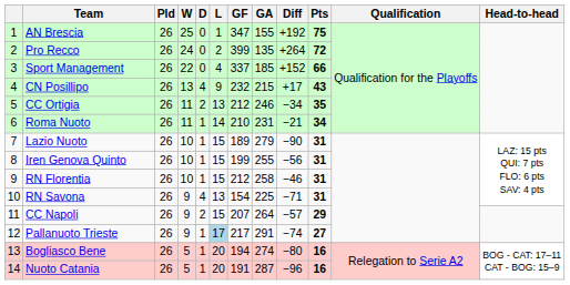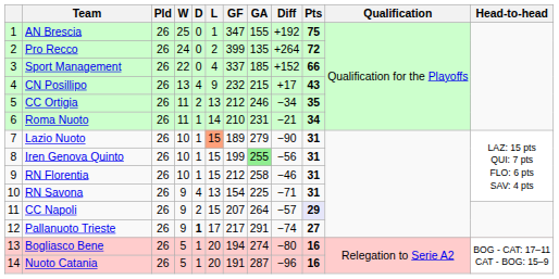 <table class="wikitable sortable" style="text-align:center">
 <tr>
 <th></th>
 <th width="175">Team</th>
 <th>Pld</th>
 <th>W</th>
 <th>D</th>
 <th>L</th>
 <th>GF</th>
 <th>GA</th>
 <th>Diff</th>
 <th>Pts</th>
 <th>Qualification</th>
 <th>Head-to-head</th>
 </tr>
 <tr style="background: #CCFFCC;">
 <td>1</td>
 <td align=left><a href='#'>AN Brescia</a></td>
 <td>26</td>
 <td>25</td>
 <td>0</td>
 <td>1</td>
 <td>347</td>
 <td>155</td>
 <td>+192</td>
 <td><strong>75</strong></td>
 <td rowspan="6">Qualification for the <a href='#'>Playoffs</a></td>
 </tr>
 <tr style="background: #CCFFCC;">
 <td>2</td>
 <td align=left><a href='#'>Pro Recco</a></td>
 <td>26</td>
 <td>24</td>
 <td>0</td>
 <td>2</td>
 <td>399</td>
 <td>135</td>
 <td>+264</td>
 <td><strong>72</strong></td>
 </tr>
 <tr style="background: #CCFFCC;">
 <td>3</td>
 <td align=left><a href='#'>Sport Management</a></td>
 <td>26</td>
 <td>22</td>
 <td>0</td>
 <td>4</td>
 <td>337</td>
 <td>185</td>
 <td>+152</td>
 <td><strong>66</strong></td>
 </tr>
 <tr style="background: #CCFFCC;">
 <td>4</td>
 <td align=left><a href='#'>CN Posillipo</a></td>
 <td>26</td>
 <td>13</td>
 <td>4</td>
 <td>9</td>
 <td>232</td>
 <td>215</td>
 <td>+17</td>
 <td><strong>43</strong></td>
 </tr>
 <tr style="background: #CCFFCC;">
 <td>5</td>
 <td align=left><a href='#'>CC Ortigia</a></td>
 <td>26</td>
 <td>11</td>
 <td>2</td>
 <td>13</td>
 <td>212</td>
 <td>246</td>
 <td>−34</td>
 <td><strong>35</strong></td>
 </tr>
 <tr style="background: #CCFFCC;">
 <td>6</td>
 <td align=left><a href='#'>Roma Nuoto</a></td>
 <td>26</td>
 <td>11</td>
 <td>1</td>
 <td>14</td>
 <td>210</td>
 <td>231</td>
 <td>−21</td>
 <td><strong>34</strong></td>
 </tr>
 <tr>
 <td>7</td>
 <td align=left><a href='#'>Lazio Nuoto</a></td>
 <td>26</td>
 <td>10</td>
 <td>1</td>
-<td>15</td>
+<td style="background: lightsalmon;">15</td>
 <td>189</td>
 <td>279</td>
 <td>−90</td>
 <td><strong>31</strong></td>
 <td rowspan="6"></td>
 <td rowspan="4" style="background: #FFFFFF;"><small>LAZ: 15 pts<br>QUI: 7 pts<br>FLO: 6 pts<br>SAV: 4 pts</small></td>
 </tr>
 <tr>
 <td>8</td>
 <td align=left><a href='#'>Iren Genova Quinto</a></td>
 <td>26</td>
 <td>10</td>
 <td>1</td>
 <td>15</td>
 <td>199</td>
-<td>255</td>
+<td style="background: lightgreen;">255</td>
 <td>−56</td>
 <td><strong>31</strong></td>
 </tr>
 <tr>
 <td>9</td>
 <td align=left><a href='#'>RN Florentia</a></td>
 <td>26</td>
 <td>10</td>
 <td>1</td>
 <td>15</td>
 <td>212</td>
 <td>258</td>
 <td>−46</td>
 <td><strong>31</strong></td>
 </tr>
 <tr>
 <td>10</td>
 <td align=left><a href='#'>RN Savona</a></td>
 <td>26</td>
 <td>9</td>
 <td>4</td>
 <td>13</td>
 <td>154</td>
 <td>225</td>
 <td>−71</td>
 <td><strong>31</strong></td>
 </tr>
 <tr>
 <td>11</td>
 <td align=left><a href='#'>CC Napoli</a></td>
 <td>26</td>
 <td>9</td>
 <td>2</td>
 <td>15</td>
 <td>207</td>
 <td>264</td>
 <td>−57</td>
-<td><strong>29</strong></td>
+<td style="background: lavender;"><strong>29</strong></td>
 </tr>
 <tr>
 <td>12</td>
 <td align=left><a href='#'>Pallanuoto Trieste</a></td>
 <td>26</td>
 <td>9</td>
-<td>1</td>
-<td style="background: lightblue;">17</td>
+<td><strong>1</strong></td>
+<td>17</td>
 <td>217</td>
 <td>291</td>
 <td>−74</td>
 <td><strong>27</strong></td>
 </tr>
 <tr style="background: #FFCCCC;">
 <td>13</td>
 <td align=left><a href='#'>Bogliasco Bene</a></td>
 <td>26</td>
 <td>5</td>
 <td>1</td>
 <td>20</td>
 <td>194</td>
 <td>274</td>
 <td>−80</td>
 <td><strong>16</strong></td>
 <td rowspan="2">Relegation to <a href='#'>Serie A2</a></td>
 <td rowspan="2" style="background: #FFFFFF;"><small>BOG - CAT: 17–11<br>CAT - BOG: 15–9</small></td>
 </tr>
 <tr style="background: #FFCCCC;">
 <td>14</td>
 <td align=left><a href='#'>Nuoto Catania</a></td>
 <td>26</td>
 <td>5</td>
 <td>1</td>
 <td>20</td>
 <td>191</td>
 <td>287</td>
 <td>−96</td>
 <td><strong>16</strong></td>
 </tr>
 </table>
